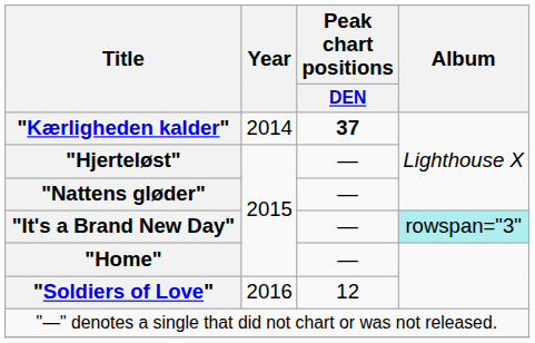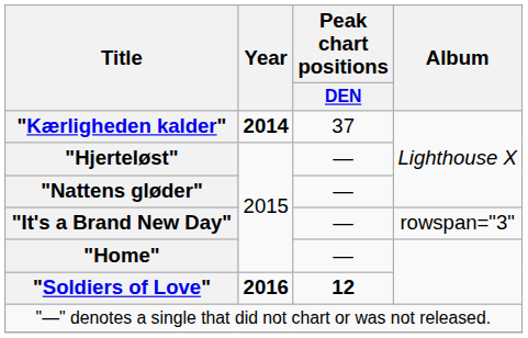 <table class="wikitable plainrowheaders" style="text-align:center;">
 <tr>
 <th scope="col" rowspan="2" style="width:11em;">Title</th>
 <th scope="col" rowspan="2" style="width:1em;">Year</th>
 <th scope="col" colspan="1">Peak chart positions</th>
 <th scope="col" rowspan="2">Album</th>
 </tr>
 <tr>
 <th scope="col" style="width:3em;font-size:85%;"><a href='#'>DEN</a><br></th>
 </tr>
 <tr>
 <th scope="row">"<a href='#'>Kærligheden kalder</a>"</th>
-<td>2014</td>
-<td><strong>37</strong></td>
+<td><strong>2014</strong></td>
+<td>37</td>
 <td rowspan="3"><em>Lighthouse X</em></td>
 </tr>
 <tr>
 <th scope="row">"Hjerteløst"</th>
 <td rowspan="4">2015</td>
 <td>—</td>
 </tr>
 <tr>
 <th scope="row">"Nattens gløder"</th>
 <td>—</td>
 </tr>
 <tr>
 <th scope="row">"It's a Brand New Day"</th>
 <td>—</td>
-<td style="background: paleturquoise;">rowspan="3" </td>
+<td>rowspan="3" </td>
 </tr>
 <tr>
 <th scope="row">"Home"</th>
 <td>—</td>
 </tr>
 <tr>
 <th scope="row">"<a href='#'>Soldiers of Love</a>"</th>
-<td>2016</td>
-<td>12</td>
+<td><strong>2016</strong></td>
+<td><strong>12</strong></td>
 </tr>
 <tr>
 <td colspan="20" style="text-align:center; font-size:85%;">"—" denotes a single that did not chart or was not released.</td>
 </tr>
 <tr>
 </tr>
 </table>
